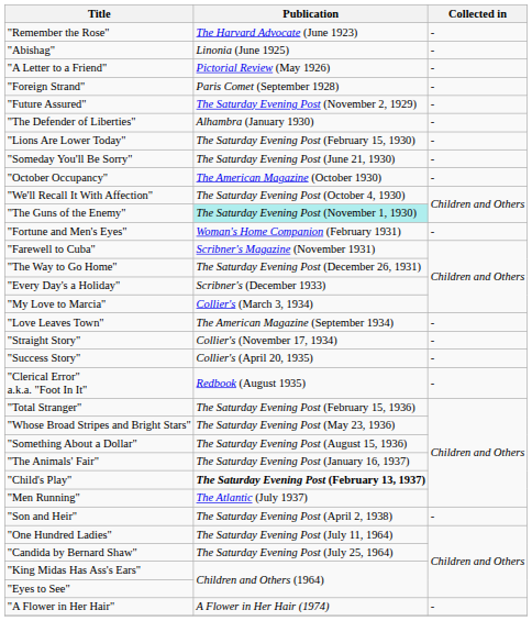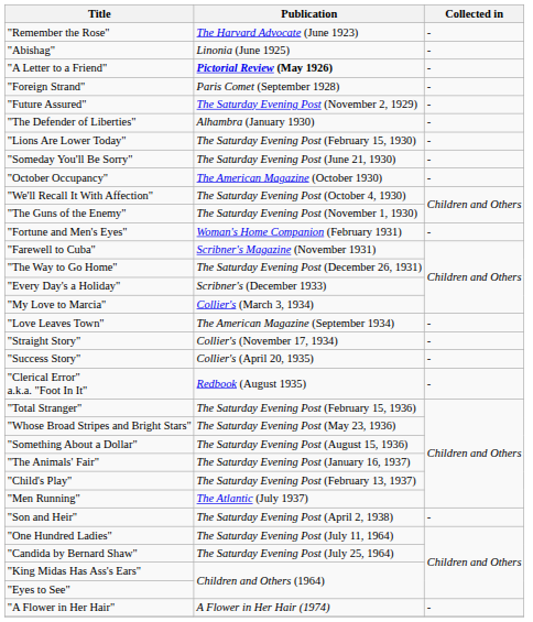 <table class="wikitable">
 <tr>
 <th>Title</th>
 <th>Publication</th>
 <th>Collected in</th>
 </tr>
 <tr>
 <td>"Remember the Rose"</td>
 <td><em><a href='#'>The Harvard Advocate</a></em> (June 1923)</td>
 <td>-</td>
 </tr>
 <tr>
 <td>"Abishag"</td>
 <td><em>Linonia</em> (June 1925)</td>
 <td>-</td>
 </tr>
 <tr>
 <td>"A Letter to a Friend"</td>
-<td><em><a href='#'>Pictorial Review</a></em> (May 1926)</td>
+<td><strong><em><a href='#'>Pictorial Review</a></em> (May 1926)</strong></td>
 <td>-</td>
 </tr>
 <tr>
 <td>"Foreign Strand"</td>
 <td><em>Paris Comet</em> (September 1928)</td>
 <td>-</td>
 </tr>
 <tr>
 <td>"Future Assured"</td>
 <td><em><a href='#'>The Saturday Evening Post</a></em> (November 2, 1929)</td>
 <td>-</td>
 </tr>
 <tr>
 <td>"The Defender of Liberties"</td>
 <td><em>Alhambra</em> (January 1930)</td>
 <td>-</td>
 </tr>
 <tr>
 <td>"Lions Are Lower Today"</td>
 <td><em>The Saturday Evening Post</em> (February 15, 1930)</td>
 <td>-</td>
 </tr>
 <tr>
 <td>"Someday You'll Be Sorry"</td>
 <td><em>The Saturday Evening Post</em> (June 21, 1930)</td>
 <td>-</td>
 </tr>
 <tr>
 <td>"October Occupancy"</td>
 <td><em><a href='#'>The American Magazine</a></em> (October 1930)</td>
 <td>-</td>
 </tr>
 <tr>
 <td>"We'll Recall It With Affection"</td>
 <td><em>The Saturday Evening Post</em> (October 4, 1930)</td>
 <td rowspan=2><em>Children and Others</em></td>
 </tr>
 <tr>
 <td>"The Guns of the Enemy"</td>
-<td style="background: paleturquoise;"><em>The Saturday Evening Post</em> (November 1, 1930)</td>
+<td><em>The Saturday Evening Post</em> (November 1, 1930)</td>
 </tr>
 <tr>
 <td>"Fortune and Men's Eyes"</td>
 <td><em><a href='#'>Woman's Home Companion</a></em> (February 1931)</td>
 <td>-</td>
 </tr>
 <tr>
 <td>"Farewell to Cuba"</td>
 <td><em><a href='#'>Scribner's Magazine</a></em> (November 1931)</td>
 <td rowspan=4><em>Children and Others</em></td>
 </tr>
 <tr>
 <td>"The Way to Go Home"</td>
 <td><em>The Saturday Evening Post</em> (December 26, 1931)</td>
 </tr>
 <tr>
 <td>"Every Day's a Holiday"</td>
 <td><em>Scribner's</em> (December 1933)</td>
 </tr>
 <tr>
 <td>"My Love to Marcia"</td>
 <td><em><a href='#'>Collier's</a></em> (March 3, 1934)</td>
 </tr>
 <tr>
 <td>"Love Leaves Town"</td>
 <td><em>The American Magazine</em> (September 1934)</td>
 <td>-</td>
 </tr>
 <tr>
 <td>"Straight Story"</td>
 <td><em>Collier's</em> (November 17, 1934)</td>
 <td>-</td>
 </tr>
 <tr>
 <td>"Success Story"</td>
 <td><em>Collier's</em> (April 20, 1935)</td>
 <td>-</td>
 </tr>
 <tr>
 <td>"Clerical Error"<br>a.k.a. "Foot In It"</td>
 <td><em><a href='#'>Redbook</a></em> (August 1935)</td>
 <td>-</td>
 </tr>
 <tr>
 <td>"Total Stranger"</td>
 <td><em>The Saturday Evening Post</em> (February 15, 1936)</td>
 <td rowspan=6><em>Children and Others</em></td>
 </tr>
 <tr>
 <td>"Whose Broad Stripes and Bright Stars"</td>
 <td><em>The Saturday Evening Post</em> (May 23, 1936)</td>
 </tr>
 <tr>
 <td>"Something About a Dollar"</td>
 <td><em>The Saturday Evening Post</em> (August 15, 1936)</td>
 </tr>
 <tr>
 <td>"The Animals' Fair"</td>
 <td><em>The Saturday Evening Post</em> (January 16, 1937)</td>
 </tr>
 <tr>
 <td>"Child's Play"</td>
-<td><strong><em>The Saturday Evening Post</em> (February 13, 1937)</strong></td>
+<td><em>The Saturday Evening Post</em> (February 13, 1937)</td>
 </tr>
 <tr>
 <td>"Men Running"</td>
 <td><em><a href='#'>The Atlantic</a></em> (July 1937)</td>
 </tr>
 <tr>
 <td>"Son and Heir"</td>
 <td><em>The Saturday Evening Post</em> (April 2, 1938)</td>
 <td>-</td>
 </tr>
 <tr>
 <td>"One Hundred Ladies"</td>
 <td><em>The Saturday Evening Post</em> (July 11, 1964)</td>
 <td rowspan=4><em>Children and Others</em></td>
 </tr>
 <tr>
 <td>"Candida by Bernard Shaw"</td>
 <td><em>The Saturday Evening Post</em> (July 25, 1964)</td>
 </tr>
 <tr>
 <td>"King Midas Has Ass's Ears"</td>
 <td rowspan=2><em>Children and Others</em> (1964)</td>
 </tr>
 <tr>
 <td>"Eyes to See"</td>
 </tr>
 <tr>
 <td>"A Flower in Her Hair"</td>
 <td><em>A Flower in Her Hair (1974)</td>
 <td>-</td>
 </tr>
 <tr>
 </tr>
 </table>
